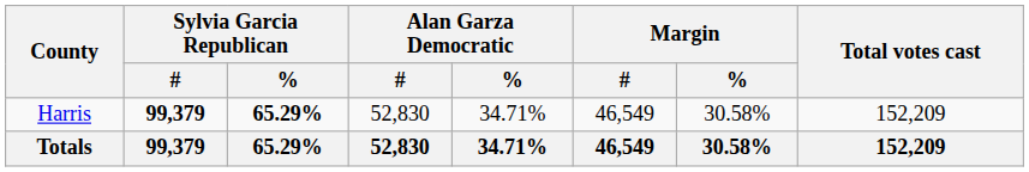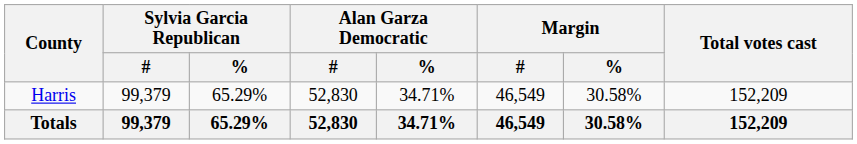 <table width="60%"  class="wikitable sortable" style="text-align:center">
 <tr>
 <th rowspan="2">County</th>
 <th style="text-align:center;" colspan="2">Sylvia Garcia<br>Republican</th>
 <th style="text-align:center;" colspan="2">Alan Garza<br>Democratic</th>
 <th style="text-align:center;" colspan="2">Margin</th>
 <th rowspan="2" style="text-align:center;">Total votes cast</th>
 </tr>
 <tr>
 <th style="text-align:center;" data-sort-type="number">#</th>
 <th style="text-align:center;" data-sort-type="number">%</th>
 <th style="text-align:center;" data-sort-type="number">#</th>
 <th style="text-align:center;" data-sort-type="number">%</th>
 <th style="text-align:center;" data-sort-type="number">#</th>
 <th style="text-align:center;" data-sort-type="number">%</th>
 </tr>
 <tr style="text-align:center;">
 <td style="color:black;background-color:"><a href='#'>Harris</a></td>
-<td style="color:black;background-color:"><strong>99,379</strong></td>
-<td style="color:black;background-color:"><strong>65.29%</strong></td>
+<td style="color:black;background-color:">99,379</td>
+<td style="color:black;background-color:">65.29%</td>
 <td style="background-color:">52,830</td>
 <td style="background-color:">34.71%</td>
 <td style="color:black;background-color:">46,549</td>
 <td style="color:black;background-color:">30.58%</td>
 <td style="color:black;background-color:">152,209</td>
 </tr>
 <tr style="text-align:center;">
 <th>Totals</th>
 <th>99,379</th>
 <th>65.29%</th>
 <th>52,830</th>
 <th>34.71%</th>
 <th>46,549</th>
 <th>30.58%</th>
 <th>152,209</th>
 </tr>
 </table>
